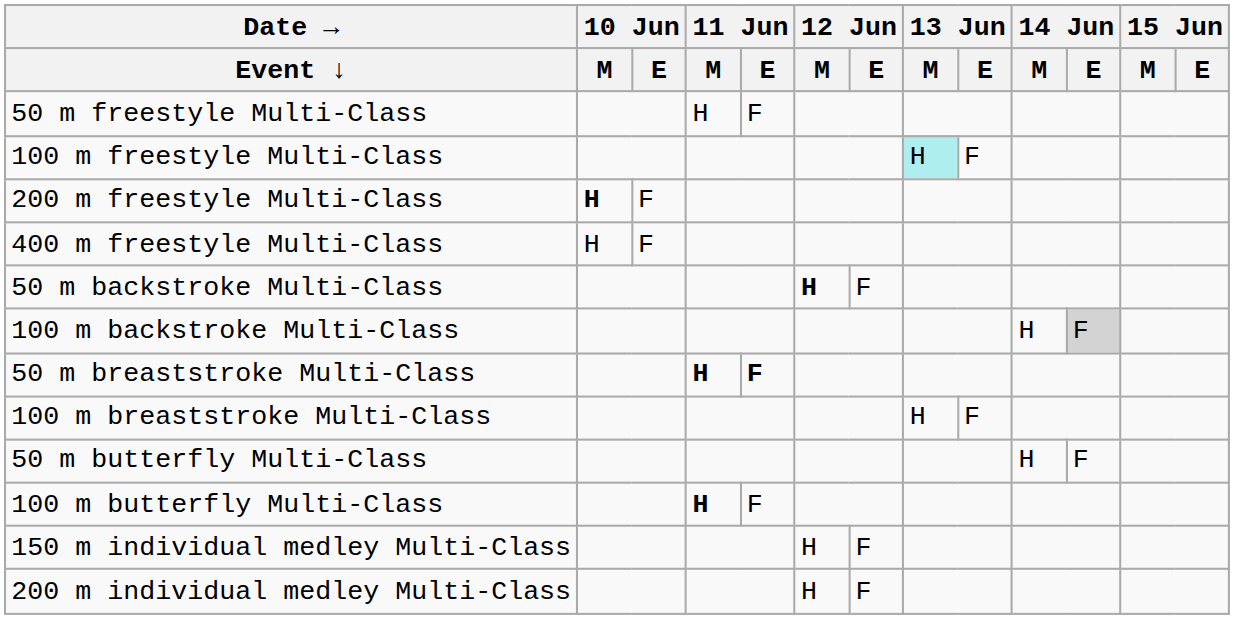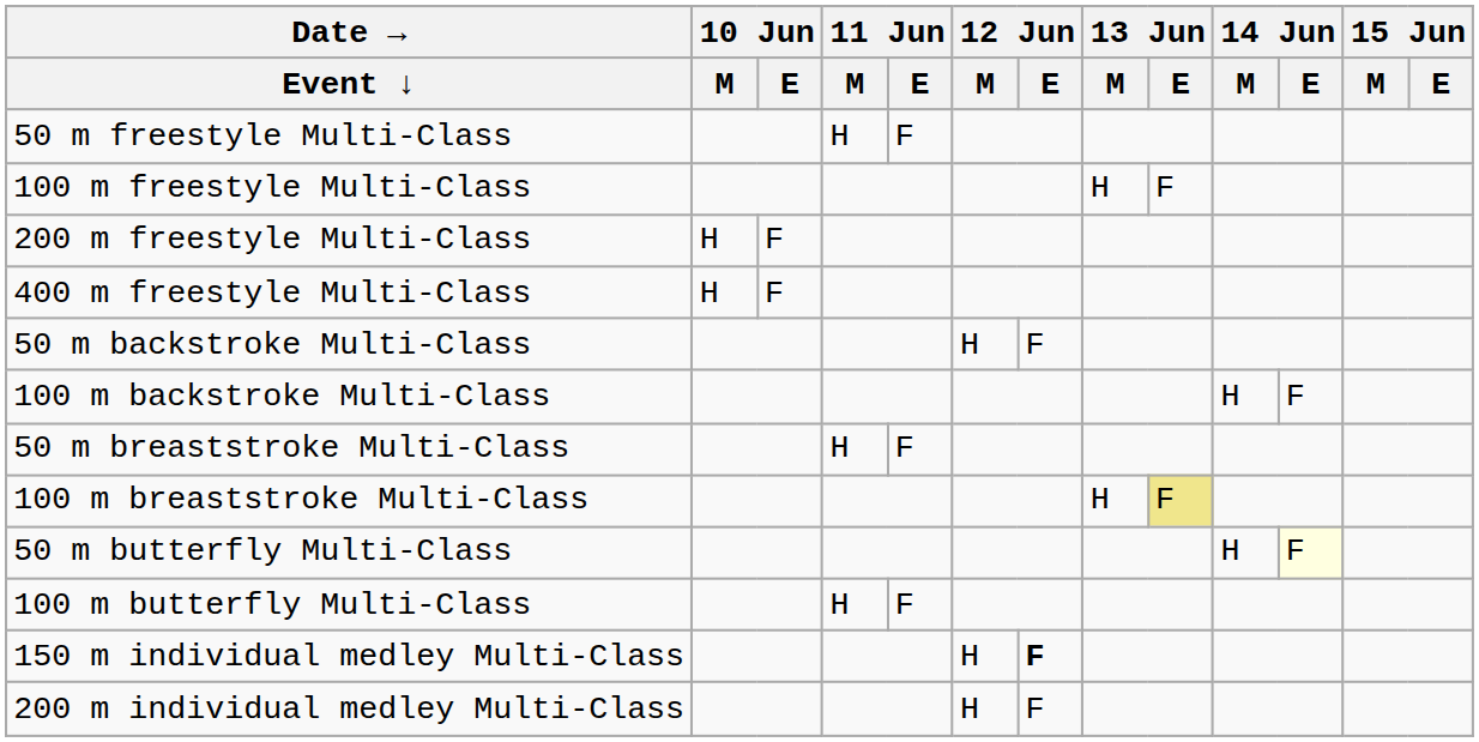 <table class="wikitable swimming-schedule" style="flex:min-content 1 0">
 <tr>
 <th>Date →</th>
 <th colspan=2>10 Jun</th>
 <th colspan="2">11 Jun</th>
 <th colspan="2">12 Jun</th>
 <th colspan="2">13 Jun</th>
 <th colspan="2">14 Jun</th>
 <th colspan="2">15 Jun</th>
 </tr>
 <tr>
 <th>Event ↓</th>
 <th>M</th>
 <th>E</th>
 <th>M</th>
 <th>E</th>
 <th>M</th>
 <th>E</th>
 <th>M</th>
 <th>E</th>
 <th>M</th>
 <th>E</th>
 <th>M</th>
 <th>E</th>
 </tr>
 <tr>
 <td class=event>50 m freestyle Multi-Class</td>
 <td colspan=2></td>
 <td class=heats>H</td>
 <td class=final>F</td>
 <td colspan=2></td>
 <td colspan=2></td>
 <td colspan=2></td>
 <td colspan=2></td>
 </tr>
 <tr>
 <td class=event>100 m freestyle Multi-Class</td>
 <td colspan=2></td>
 <td colspan=2></td>
 <td colspan=2></td>
-<td class=heats style="background: paleturquoise;">H</td>
+<td class=heats>H</td>
 <td class=final>F</td>
 <td colspan=2></td>
 <td colspan=2></td>
 </tr>
 <tr>
 <td class=event>200 m freestyle Multi-Class</td>
-<td class=heats><strong>H</strong></td>
+<td class=heats>H</td>
 <td class=final>F</td>
 <td colspan=2></td>
 <td colspan=2></td>
 <td colspan=2></td>
 <td colspan=2></td>
 <td colspan=2></td>
 </tr>
 <tr>
 <td class=event>400 m freestyle Multi-Class</td>
 <td class=heats>H</td>
 <td class=final>F</td>
 <td colspan=2></td>
 <td colspan=2></td>
 <td colspan=2></td>
 <td colspan=2></td>
 <td colspan=2></td>
 </tr>
 <tr>
 <td class=event>50 m backstroke Multi-Class</td>
 <td colspan=2></td>
 <td colspan=2></td>
-<td class=heats><strong>H</strong></td>
+<td class=heats>H</td>
 <td class=final>F</td>
 <td colspan=2></td>
 <td colspan=2></td>
 <td colspan=2></td>
 </tr>
 <tr>
 <td class=event>100 m backstroke Multi-Class</td>
 <td colspan=2></td>
 <td colspan=2></td>
 <td colspan=2></td>
 <td colspan=2></td>
 <td class=heats>H</td>
-<td class=final style="background: lightgrey;">F</td>
+<td class=final>F</td>
 <td colspan=2></td>
 </tr>
 <tr>
 <td class=event>50 m breaststroke Multi-Class</td>
 <td colspan=2></td>
-<td class=heats><strong>H</strong></td>
-<td class=final><strong>F</strong></td>
+<td class=heats>H</td>
+<td class=final>F</td>
 <td colspan=2></td>
 <td colspan=2></td>
 <td colspan=2></td>
 <td colspan=2></td>
 </tr>
 <tr>
 <td class=event>100 m breaststroke Multi-Class</td>
 <td colspan=2></td>
 <td colspan=2></td>
 <td colspan=2></td>
 <td class=heats>H</td>
-<td class=final>F</td>
+<td class=final style="background: khaki;">F</td>
 <td colspan=2></td>
 <td colspan=2></td>
 </tr>
 <tr>
 <td class=event>50 m butterfly Multi-Class</td>
 <td colspan=2></td>
 <td colspan=2></td>
 <td colspan=2></td>
 <td colspan=2></td>
 <td class=heats>H</td>
-<td class=final>F</td>
+<td class=final style="background: lightyellow;">F</td>
 <td colspan=2></td>
 </tr>
 <tr>
 <td class=event>100 m butterfly Multi-Class</td>
 <td colspan=2></td>
-<td class=heats><strong>H</strong></td>
+<td class=heats>H</td>
 <td class=final>F</td>
 <td colspan=2></td>
 <td colspan=2></td>
 <td colspan=2></td>
 <td colspan=2></td>
 </tr>
 <tr>
 <td class=event>150 m individual medley Multi-Class</td>
 <td colspan=2></td>
 <td colspan=2></td>
 <td class=heats>H</td>
-<td class=final>F</td>
+<td class=final><strong>F</strong></td>
 <td colspan=2></td>
 <td colspan=2></td>
 <td colspan=2></td>
 </tr>
 <tr>
 <td class=event>200 m individual medley Multi-Class</td>
 <td colspan=2></td>
 <td colspan=2></td>
 <td class=heats>H</td>
 <td class=final>F</td>
 <td colspan=2></td>
 <td colspan=2></td>
 <td colspan=2></td>
 </tr>
 </table>
